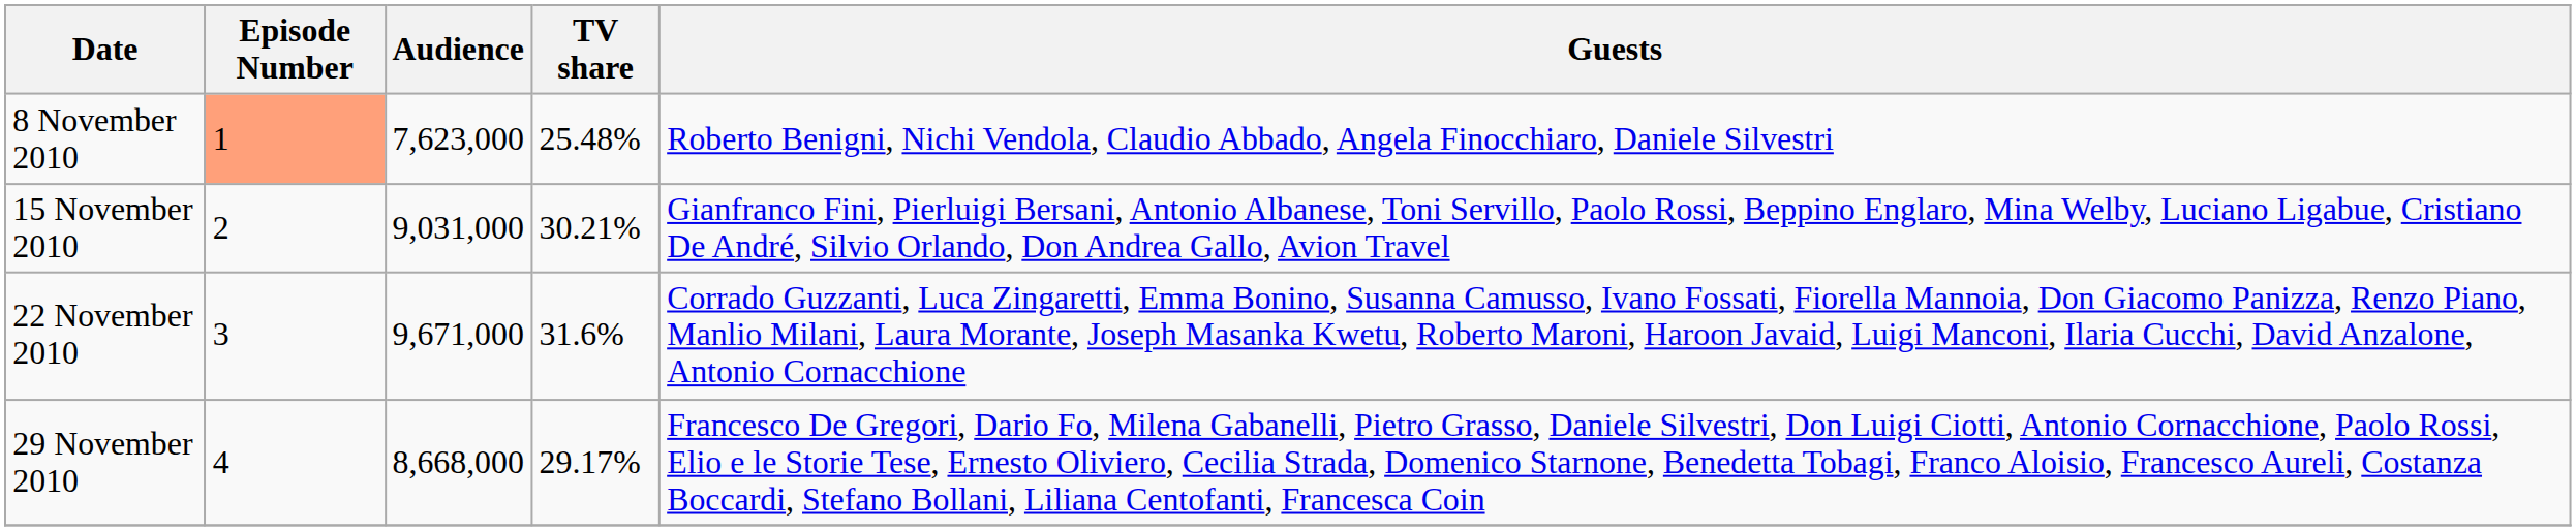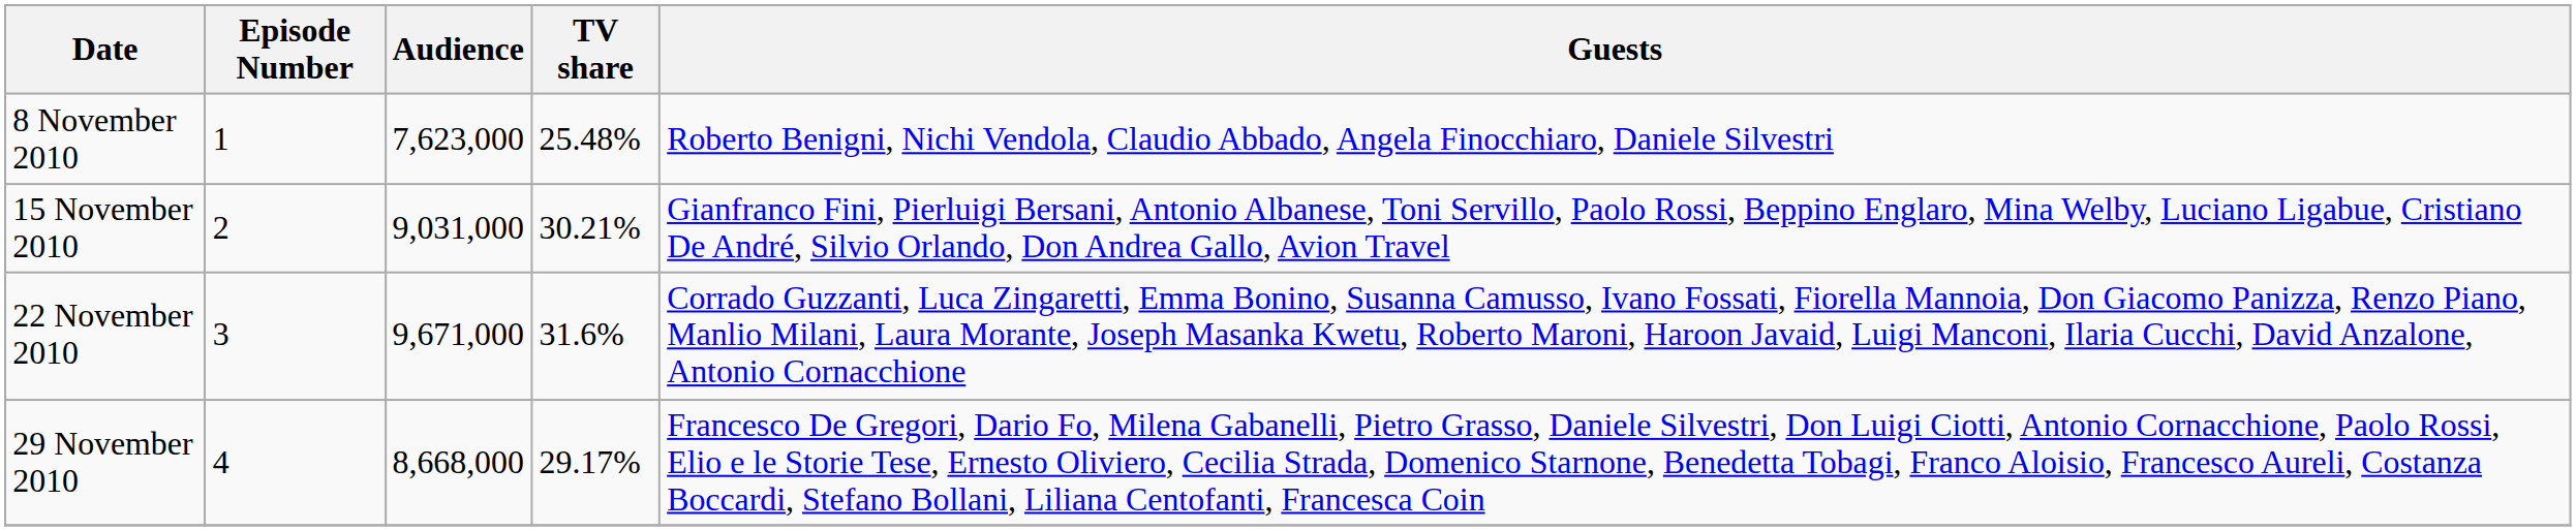 <table class="wikitable">
 <tr>
 <th>Date</th>
 <th>Episode Number</th>
 <th>Audience</th>
 <th>TV share</th>
 <th>Guests</th>
 </tr>
 <tr>
 <td>8 November 2010</td>
-<td style="background: lightsalmon;">1</td>
+<td>1</td>
 <td>7,623,000</td>
 <td>25.48%</td>
 <td><a href='#'>Roberto Benigni</a>, <a href='#'>Nichi Vendola</a>, <a href='#'>Claudio Abbado</a>, <a href='#'>Angela Finocchiaro</a>, <a href='#'>Daniele Silvestri</a></td>
 </tr>
 <tr>
 <td>15 November 2010</td>
 <td>2</td>
 <td>9,031,000</td>
 <td>30.21%</td>
 <td><a href='#'>Gianfranco Fini</a>, <a href='#'>Pierluigi Bersani</a>, <a href='#'>Antonio Albanese</a>, <a href='#'>Toni Servillo</a>, <a href='#'>Paolo Rossi</a>, <a href='#'>Beppino Englaro</a>, <a href='#'>Mina Welby</a>, <a href='#'>Luciano Ligabue</a>, <a href='#'>Cristiano De André</a>, <a href='#'>Silvio Orlando</a>, <a href='#'>Don Andrea Gallo</a>, <a href='#'>Avion Travel</a></td>
 </tr>
 <tr>
 <td>22 November 2010</td>
 <td>3</td>
 <td>9,671,000</td>
 <td>31.6%</td>
 <td><a href='#'>Corrado Guzzanti</a>, <a href='#'>Luca Zingaretti</a>, <a href='#'>Emma Bonino</a>, <a href='#'>Susanna Camusso</a>, <a href='#'>Ivano Fossati</a>, <a href='#'>Fiorella Mannoia</a>, <a href='#'>Don Giacomo Panizza</a>, <a href='#'>Renzo Piano</a>, <a href='#'>Manlio Milani</a>, <a href='#'>Laura Morante</a>, <a href='#'>Joseph Masanka Kwetu</a>, <a href='#'>Roberto Maroni</a>, <a href='#'>Haroon Javaid</a>, <a href='#'>Luigi Manconi</a>, <a href='#'>Ilaria Cucchi</a>, <a href='#'>David Anzalone</a>, <a href='#'>Antonio Cornacchione</a></td>
 </tr>
 <tr>
 <td>29 November 2010</td>
 <td>4</td>
 <td>8,668,000</td>
 <td>29.17%</td>
 <td><a href='#'>Francesco De Gregori</a>, <a href='#'>Dario Fo</a>, <a href='#'>Milena Gabanelli</a>, <a href='#'>Pietro Grasso</a>, <a href='#'>Daniele Silvestri</a>, <a href='#'>Don Luigi Ciotti</a>, <a href='#'>Antonio Cornacchione</a>, <a href='#'>Paolo Rossi</a>, <a href='#'>Elio e le Storie Tese</a>, <a href='#'>Ernesto Oliviero</a>, <a href='#'>Cecilia Strada</a>, <a href='#'>Domenico Starnone</a>, <a href='#'>Benedetta Tobagi</a>, <a href='#'>Franco Aloisio</a>, <a href='#'>Francesco Aureli</a>, <a href='#'>Costanza Boccardi</a>, <a href='#'>Stefano Bollani</a>, <a href='#'>Liliana Centofanti</a>, <a href='#'>Francesca Coin</a></td>
 </tr>
 <tr>
 </tr>
 </table>
